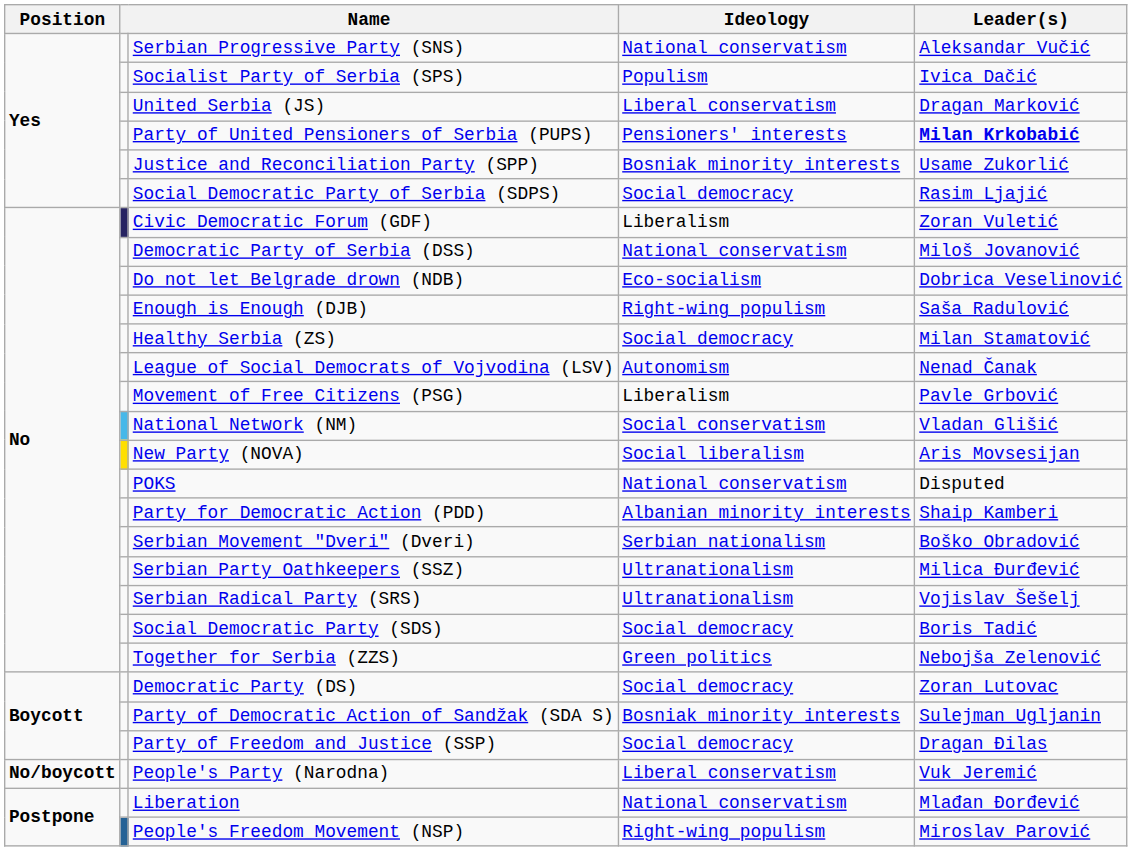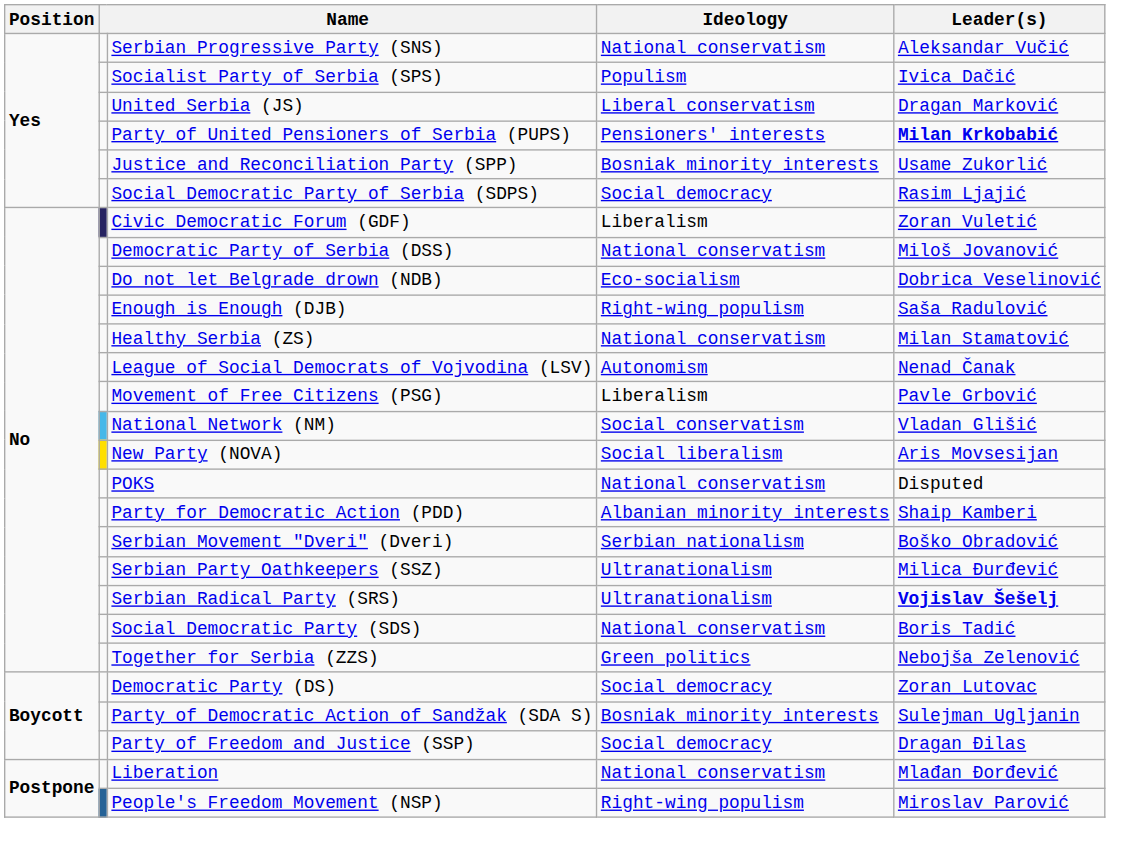 <table class="wikitable collapsible collapsed">
 <tr>
 <th>Position</th>
 <th colspan="2">Name</th>
 <th>Ideology</th>
 <th>Leader(s)</th>
 </tr>
 <tr>
 <td rowspan="6"> <strong>Yes</strong></td>
 <td style="background-color: "></td>
 <td><a href='#'>Serbian Progressive Party</a> (SNS)</td>
 <td><a href='#'>National conservatism</a></td>
 <td><a href='#'>Aleksandar Vučić</a></td>
 </tr>
 <tr>
 <td style="background-color: "></td>
 <td><a href='#'>Socialist Party of Serbia</a> (SPS)</td>
 <td><a href='#'>Populism</a></td>
 <td><a href='#'>Ivica Dačić</a></td>
 </tr>
 <tr>
 <td style="background-color: "></td>
 <td><a href='#'>United Serbia</a> (JS)</td>
 <td><a href='#'>Liberal conservatism</a></td>
 <td><a href='#'>Dragan Marković</a></td>
 </tr>
 <tr>
 <td style="background-color: "></td>
 <td><a href='#'>Party of United Pensioners of Serbia</a> (PUPS)</td>
 <td><a href='#'>Pensioners' interests</a></td>
 <td><strong><a href='#'>Milan Krkobabić</a></strong></td>
 </tr>
 <tr>
 <td style="background-color: "></td>
 <td><a href='#'>Justice and Reconciliation Party</a> (SPP)</td>
 <td><a href='#'>Bosniak minority interests</a></td>
 <td><a href='#'>Usame Zukorlić</a></td>
 </tr>
 <tr>
 <td style="background-color: "></td>
 <td><a href='#'>Social Democratic Party of Serbia</a> (SDPS)</td>
 <td><a href='#'>Social democracy</a></td>
 <td><a href='#'>Rasim Ljajić</a></td>
 </tr>
 <tr>
 <td rowspan="16"> <strong>No</strong></td>
 <td style="background-color: #272361"></td>
 <td><a href='#'>Civic Democratic Forum</a> (GDF)</td>
 <td>Liberalism</td>
 <td><a href='#'>Zoran Vuletić</a></td>
 </tr>
 <tr>
 <td style="background-color: "></td>
 <td><a href='#'>Democratic Party of Serbia</a> (DSS)</td>
 <td><a href='#'>National conservatism</a></td>
 <td><a href='#'>Miloš Jovanović</a></td>
 </tr>
 <tr>
 <td style="background-color: "></td>
 <td><a href='#'>Do not let Belgrade drown</a> (NDB)</td>
 <td><a href='#'>Eco-socialism</a></td>
 <td><a href='#'>Dobrica Veselinović</a></td>
 </tr>
 <tr>
 <td style="background-color: "></td>
 <td><a href='#'>Enough is Enough</a> (DJB)</td>
 <td><a href='#'>Right-wing populism</a></td>
 <td><a href='#'>Saša Radulović</a></td>
 </tr>
 <tr>
 <td style="background-color: "></td>
 <td><a href='#'>Healthy Serbia</a> (ZS)</td>
-<td><a href='#'>Social democracy</a></td>
+<td><a href='#'>National conservatism</a></td>
 <td><a href='#'>Milan Stamatović</a></td>
 </tr>
 <tr>
 <td style="background-color: "></td>
 <td><a href='#'>League of Social Democrats of Vojvodina</a> (LSV)</td>
 <td><a href='#'>Autonomism</a></td>
 <td><a href='#'>Nenad Čanak</a></td>
 </tr>
 <tr>
 <td style="background-color: "></td>
 <td><a href='#'>Movement of Free Citizens</a> (PSG)</td>
 <td>Liberalism</td>
 <td><a href='#'>Pavle Grbović</a></td>
 </tr>
 <tr>
 <td style="background-color: #46B8E9"></td>
 <td><a href='#'>National Network</a> (NM)</td>
 <td><a href='#'>Social conservatism</a></td>
 <td><a href='#'>Vladan Glišić</a></td>
 </tr>
 <tr>
 <td style="background-color: #FFDF00"></td>
 <td><a href='#'>New Party</a> (NOVA)</td>
 <td><a href='#'>Social liberalism</a></td>
 <td><a href='#'>Aris Movsesijan</a></td>
 </tr>
 <tr>
 <td style="background-color: "></td>
 <td><a href='#'>POKS</a></td>
 <td><a href='#'>National conservatism</a></td>
 <td>Disputed</td>
 </tr>
 <tr>
 <td style="background-color: "></td>
 <td><a href='#'>Party for Democratic Action</a> (PDD)</td>
 <td><a href='#'>Albanian minority interests</a></td>
 <td><a href='#'>Shaip Kamberi</a></td>
 </tr>
 <tr>
 <td style="background-color: "></td>
 <td><a href='#'>Serbian Movement "Dveri"</a> (Dveri)</td>
 <td><a href='#'>Serbian nationalism</a></td>
 <td><a href='#'>Boško Obradović</a></td>
 </tr>
 <tr>
 <td style="background-color: "></td>
 <td><a href='#'>Serbian Party Oathkeepers</a> (SSZ)</td>
 <td><a href='#'>Ultranationalism</a></td>
 <td><a href='#'>Milica Đurđević</a></td>
 </tr>
 <tr>
 <td style="background-color: "></td>
 <td><a href='#'>Serbian Radical Party</a> (SRS)</td>
 <td><a href='#'>Ultranationalism</a></td>
-<td><a href='#'>Vojislav Šešelj</a></td>
+<td><strong><a href='#'>Vojislav Šešelj</a></strong></td>
 </tr>
 <tr>
 <td style="background-color: "></td>
 <td><a href='#'>Social Democratic Party</a> (SDS)</td>
-<td><a href='#'>Social democracy</a></td>
+<td><a href='#'>National conservatism</a></td>
 <td><a href='#'>Boris Tadić</a></td>
 </tr>
 <tr>
 <td style="background-color: "></td>
 <td><a href='#'>Together for Serbia</a> (ZZS)</td>
 <td><a href='#'>Green politics</a></td>
 <td><a href='#'>Nebojša Zelenović</a></td>
 </tr>
 <tr>
 <td rowspan="3"><strong>Boycott</strong></td>
 <td style="background-color: "></td>
 <td><a href='#'>Democratic Party</a> (DS)</td>
 <td><a href='#'>Social democracy</a></td>
 <td><a href='#'>Zoran Lutovac</a></td>
 </tr>
 <tr>
 <td style="background-color: "></td>
 <td><a href='#'>Party of Democratic Action of Sandžak</a> (SDA S)</td>
 <td><a href='#'>Bosniak minority interests</a></td>
 <td><a href='#'>Sulejman Ugljanin</a></td>
 </tr>
 <tr>
 <td style="background-color: "></td>
 <td><a href='#'>Party of Freedom and Justice</a> (SSP)</td>
 <td><a href='#'>Social democracy</a></td>
 <td><a href='#'>Dragan Đilas</a></td>
 </tr>
 <tr>
-<td><strong>No/boycott</strong></td>
-<td style="background-color: "></td>
-<td><a href='#'>People's Party</a> (Narodna)</td>
-<td><a href='#'>Liberal conservatism</a></td>
-<td><a href='#'>Vuk Jeremić</a></td>
-</tr>
-<tr>
 <td rowspan="2"><strong>Postpone</strong></td>
 <td style="background-color: "></td>
 <td><a href='#'>Liberation</a></td>
 <td><a href='#'>National conservatism</a></td>
 <td><a href='#'>Mlađan Đorđević</a></td>
 </tr>
 <tr>
 <td style="background-color: #256296"></td>
 <td><a href='#'>People's Freedom Movement</a> (NSP)</td>
 <td><a href='#'>Right-wing populism</a></td>
 <td><a href='#'>Miroslav Parović</a></td>
 </tr>
 </table>
